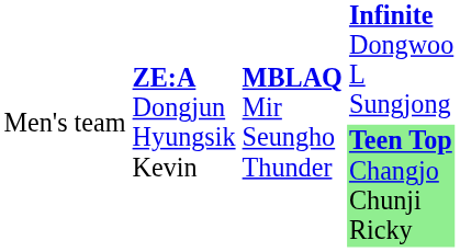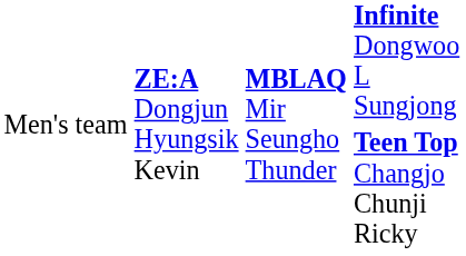 <table>
 <tr>
 <td rowspan="2">Men's team</td>
 <td rowspan="2"><strong><a href='#'>ZE:A</a></strong><br><a href='#'>Dongjun</a><br><a href='#'>Hyungsik</a><br>Kevin</td>
 <td rowspan="2"><strong><a href='#'>MBLAQ</a></strong><br><a href='#'>Mir</a><br><a href='#'>Seungho</a><br><a href='#'>Thunder</a></td>
 <td><strong><a href='#'>Infinite</a></strong><br><a href='#'>Dongwoo</a><br><a href='#'>L</a><br><a href='#'>Sungjong</a></td>
 </tr>
 <tr>
-<td style="background: lightgreen;"><strong><a href='#'>Teen Top</a></strong><br><a href='#'>Changjo</a><br>Chunji<br>Ricky</td>
+<td><strong><a href='#'>Teen Top</a></strong><br><a href='#'>Changjo</a><br>Chunji<br>Ricky</td>
 </tr>
 </table>
